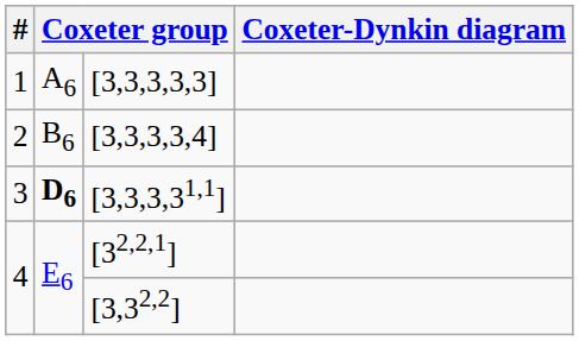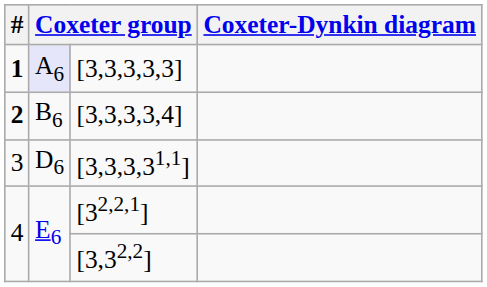 <table class=wikitable>
 <tr>
 <th>#</th>
 <th colspan=2><a href='#'>Coxeter group</a></th>
 <th><a href='#'>Coxeter-Dynkin diagram</a></th>
 </tr>
 <tr>
-<td>1</td>
-<td>A<sub>6</sub></td>
+<td><strong>1</strong></td>
+<td style="background: lavender;">A<sub>6</sub></td>
 <td>[3,3,3,3,3]</td>
 <td></td>
 </tr>
 <tr>
-<td>2</td>
+<td><strong>2</strong></td>
 <td>B<sub>6</sub></td>
 <td>[3,3,3,3,4]</td>
 <td></td>
 </tr>
 <tr>
 <td>3</td>
-<td><strong>D<sub>6</sub></strong></td>
+<td>D<sub>6</sub></td>
 <td>[3,3,3,3<sup>1,1</sup>]</td>
 <td></td>
 </tr>
 <tr>
 <td rowspan=2>4</td>
 <td rowspan=2><a href='#'>E<sub>6</sub></a></td>
 <td>[3<sup>2,2,1</sup>]</td>
 <td></td>
 </tr>
 <tr>
 <td>[3,3<sup>2,2</sup>]</td>
 <td></td>
 </tr>
 </table>
